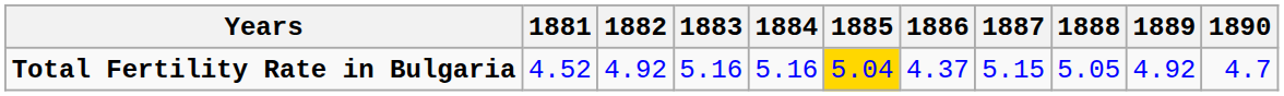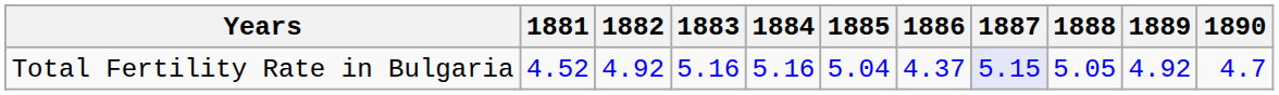 <table class="wikitable " style="text-align:right">
 <tr>
 <th>Years</th>
 <th>1881</th>
 <th>1882</th>
 <th>1883</th>
 <th>1884</th>
 <th>1885</th>
 <th>1886</th>
 <th>1887</th>
 <th>1888</th>
 <th>1889</th>
 <th>1890</th>
 </tr>
 <tr>
-<td align="left"><strong>Total Fertility Rate in Bulgaria</strong></td>
+<td align="left">Total Fertility Rate in Bulgaria</td>
 <td style="text-align:right; color:blue;">4.52</td>
 <td style="text-align:right; color:blue;">4.92</td>
 <td style="text-align:right; color:blue;">5.16</td>
 <td style="text-align:right; color:blue;">5.16</td>
-<td style="background: gold; text-align:right; color:blue;">5.04</td>
+<td style="text-align:right; color:blue;">5.04</td>
 <td style="text-align:right; color:blue;">4.37</td>
-<td style="text-align:right; color:blue;">5.15</td>
+<td style="background: lavender; text-align:right; color:blue;">5.15</td>
 <td style="text-align:right; color:blue;">5.05</td>
 <td style="text-align:right; color:blue;">4.92</td>
 <td style="text-align:right; color:blue;">4.7</td>
 </tr>
 </table>
